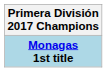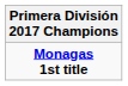 <table class="wikitable" style="text-align: center; margin: 0 auto;">
 <tr>
 <th>Primera División<br>2017 Champions</th>
 </tr>
 <tr>
-<td style="background: lightblue;"><strong><a href='#'>Monagas</a></strong><br><strong>1st title</strong></td>
+<td><strong><a href='#'>Monagas</a></strong><br><strong>1st title</strong></td>
 </tr>
 </table>
